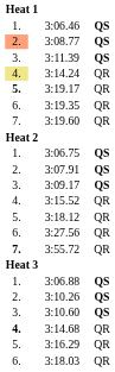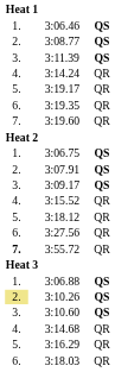 <table style="text-align:center">
 <tr>
 <td colspan=4 align=left><strong>Heat 1</strong></td>
 </tr>
 <tr>
 <td width=30>1.</td>
 <td align=left></td>
 <td width=80>3:06.46</td>
 <td><strong>QS</strong></td>
 </tr>
 <tr>
-<td style="background: lightsalmon;">2.</td>
+<td>2.</td>
 <td align=left></td>
 <td>3:08.77</td>
 <td><strong>QS</strong></td>
 </tr>
 <tr>
 <td>3.</td>
 <td align=left></td>
 <td>3:11.39</td>
 <td><strong>QS</strong></td>
 </tr>
 <tr>
-<td style="background: khaki;">4.</td>
+<td>4.</td>
 <td align=left></td>
 <td>3:14.24</td>
 <td>QR</td>
 </tr>
 <tr>
-<td><strong>5.</strong></td>
+<td>5.</td>
 <td align=left></td>
 <td>3:19.17</td>
 <td>QR</td>
 </tr>
 <tr>
 <td>6.</td>
 <td align=left></td>
 <td>3:19.35</td>
 <td>QR</td>
 </tr>
 <tr>
 <td>7.</td>
 <td align=left></td>
 <td>3:19.60</td>
 <td>QR</td>
 </tr>
 <tr>
 <td colspan=4 align=left><strong>Heat 2</strong></td>
 </tr>
 <tr>
 <td>1.</td>
 <td align=left></td>
 <td>3:06.75</td>
 <td><strong>QS</strong></td>
 </tr>
 <tr>
 <td>2.</td>
 <td align=left></td>
 <td>3:07.91</td>
 <td><strong>QS</strong></td>
 </tr>
 <tr>
 <td>3.</td>
 <td align=left></td>
 <td>3:09.17</td>
 <td><strong>QS</strong></td>
 </tr>
 <tr>
 <td>4.</td>
 <td align=left></td>
 <td>3:15.52</td>
 <td>QR</td>
 </tr>
 <tr>
 <td>5.</td>
 <td align=left></td>
 <td>3:18.12</td>
 <td>QR</td>
 </tr>
 <tr>
 <td>6.</td>
 <td align=left></td>
 <td>3:27.56</td>
 <td>QR</td>
 </tr>
 <tr>
 <td><strong>7.</strong></td>
 <td align=left></td>
 <td>3:55.72</td>
 <td>QR</td>
 </tr>
 <tr>
 <td colspan=4 align=left><strong>Heat 3</strong></td>
 </tr>
 <tr>
 <td>1.</td>
 <td align=left></td>
 <td>3:06.88</td>
 <td><strong>QS</strong></td>
 </tr>
 <tr>
-<td>2.</td>
+<td style="background: khaki;">2.</td>
 <td align=left></td>
 <td>3:10.26</td>
 <td><strong>QS</strong></td>
 </tr>
 <tr>
 <td>3.</td>
 <td align=left></td>
 <td>3:10.60</td>
 <td><strong>QS</strong></td>
 </tr>
 <tr>
-<td><strong>4.</strong></td>
+<td>4.</td>
 <td align=left></td>
 <td>3:14.68</td>
 <td>QR</td>
 </tr>
 <tr>
 <td>5.</td>
 <td align=left></td>
 <td>3:16.29</td>
 <td>QR</td>
 </tr>
 <tr>
 <td>6.</td>
 <td align=left></td>
 <td>3:18.03</td>
 <td>QR</td>
 </tr>
 </table>
